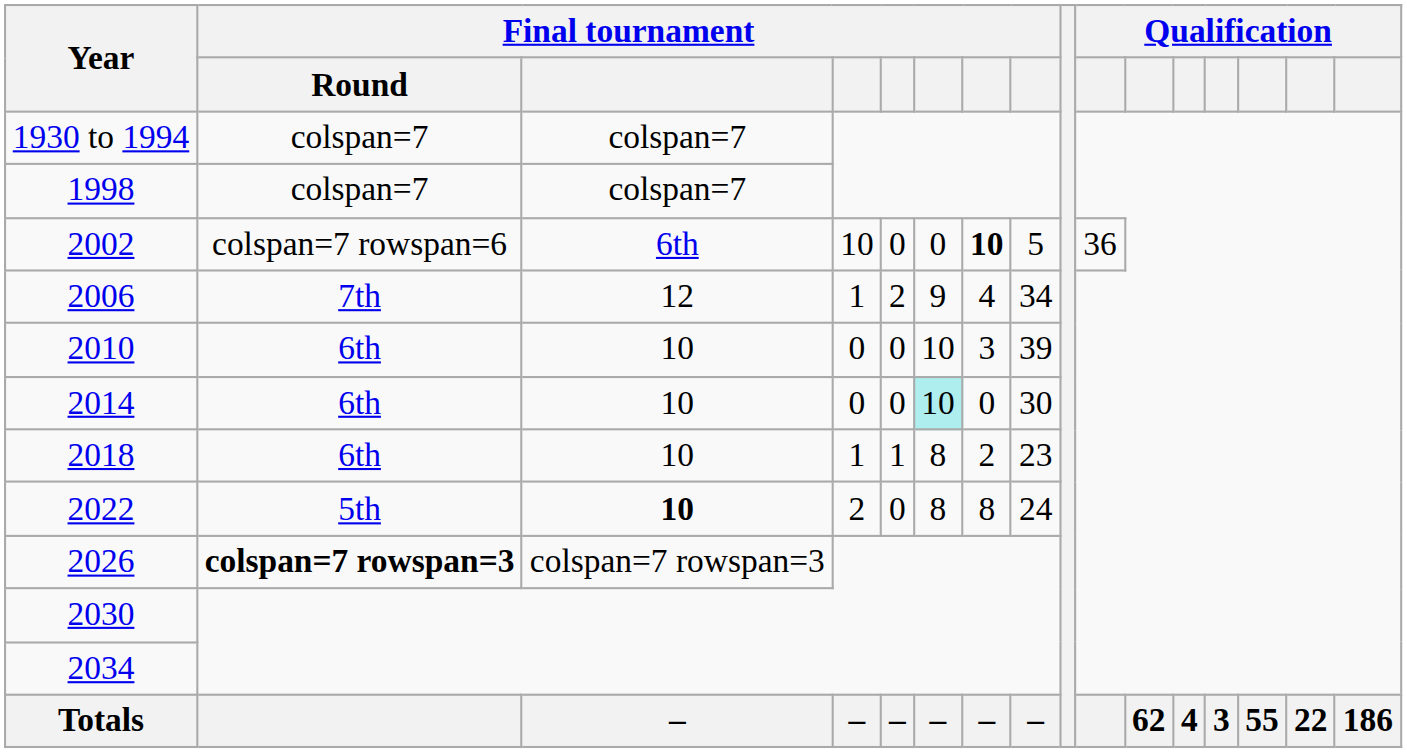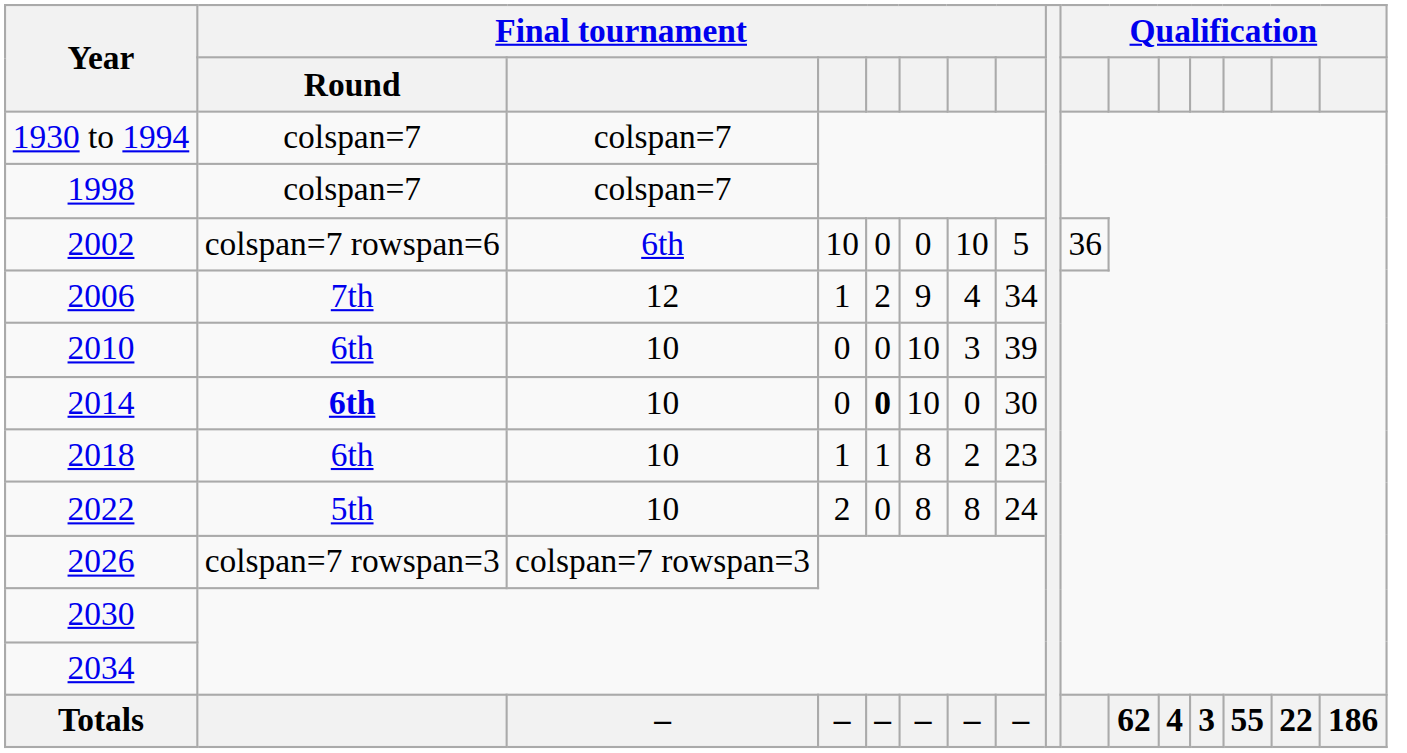 <table class="wikitable" style="text-align: center;font-size:100%;">
 <tr>
 <th rowspan="2">Year</th>
 <th colspan="7"><a href='#'>Final tournament</a></th>
 <th rowspan="27"></th>
 <th colspan="7"><a href='#'>Qualification</a></th>
 </tr>
 <tr>
 <th>Round</th>
 <th></th>
 <th></th>
 <th></th>
 <th></th>
 <th></th>
 <th></th>
 <th></th>
 <th></th>
 <th></th>
 <th></th>
 <th></th>
 <th></th>
 <th></th>
 </tr>
 <tr>
 <td><a href='#'>1930</a> to <a href='#'>1994</a></td>
 <td>colspan=7 </td>
 <td>colspan=7 </td>
 </tr>
 <tr>
 <td><a href='#'>1998</a></td>
 <td>colspan=7 </td>
 <td>colspan=7 </td>
 </tr>
 <tr>
 <td>  <a href='#'>2002</a></td>
 <td>colspan=7 rowspan=6 </td>
 <td><a href='#'>6th</a></td>
 <td>10</td>
 <td>0</td>
 <td>0</td>
-<td><strong>10</strong></td>
+<td>10</td>
 <td>5</td>
 <td>36</td>
 </tr>
 <tr>
 <td> <a href='#'>2006</a></td>
 <td><a href='#'>7th</a></td>
 <td>12</td>
 <td>1</td>
 <td>2</td>
 <td>9</td>
 <td>4</td>
 <td>34</td>
 </tr>
 <tr>
 <td> <a href='#'>2010</a></td>
 <td><a href='#'>6th</a></td>
 <td>10</td>
 <td>0</td>
 <td>0</td>
 <td>10</td>
 <td>3</td>
 <td>39</td>
 </tr>
 <tr>
 <td> <a href='#'>2014</a></td>
-<td><a href='#'>6th</a></td>
+<td><strong><a href='#'>6th</a></strong></td>
 <td>10</td>
 <td>0</td>
-<td>0</td>
-<td style="background: paleturquoise;">10</td>
+<td><strong>0</strong></td>
+<td>10</td>
 <td>0</td>
 <td>30</td>
 </tr>
 <tr>
 <td> <a href='#'>2018</a></td>
 <td><a href='#'>6th</a></td>
 <td>10</td>
 <td>1</td>
 <td>1</td>
 <td>8</td>
 <td>2</td>
 <td>23</td>
 </tr>
 <tr>
 <td> <a href='#'>2022</a></td>
 <td><a href='#'>5th</a></td>
-<td><strong>10</strong></td>
+<td>10</td>
 <td>2</td>
 <td>0</td>
 <td>8</td>
 <td>8</td>
 <td>24</td>
 </tr>
 <tr>
 <td>   <a href='#'>2026</a></td>
-<td><strong>colspan=7 rowspan=3 </strong></td>
+<td>colspan=7 rowspan=3 </td>
 <td>colspan=7 rowspan=3 </td>
 </tr>
 <tr>
 <td>   <a href='#'>2030</a></td>
 </tr>
 <tr>
 <td> <a href='#'>2034</a></td>
 </tr>
 <tr>
 <th>Totals</th>
 <th></th>
 <th>–</th>
 <th>–</th>
 <th>–</th>
 <th>–</th>
 <th>–</th>
 <th>–</th>
 <th></th>
 <th>62</th>
 <th>4</th>
 <th>3</th>
 <th>55</th>
 <th>22</th>
 <th>186</th>
 </tr>
 </table>
